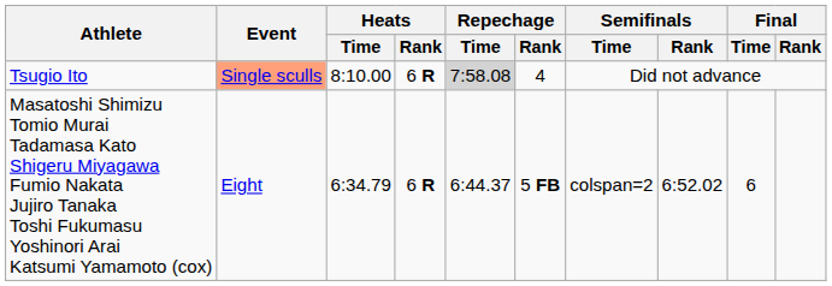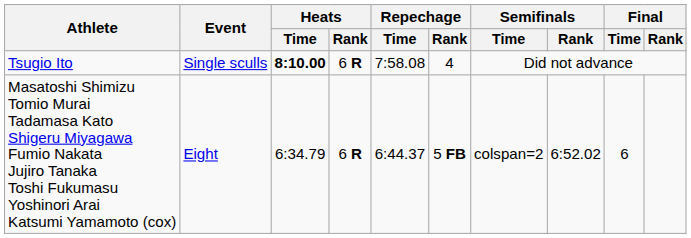 <table class="wikitable" style="font-size:90%">
 <tr>
 <th rowspan="2">Athlete</th>
 <th rowspan="2">Event</th>
 <th colspan="2">Heats</th>
 <th colspan="2">Repechage</th>
 <th colspan="2">Semifinals</th>
 <th colspan="2">Final</th>
 </tr>
 <tr style="font-size:95%">
 <th>Time</th>
 <th>Rank</th>
 <th>Time</th>
 <th>Rank</th>
 <th>Time</th>
 <th>Rank</th>
 <th>Time</th>
 <th>Rank</th>
 </tr>
 <tr align=center>
 <td align=left><a href='#'>Tsugio Ito</a></td>
-<td align=left style="background: lightsalmon;"><a href='#'>Single sculls</a></td>
-<td>8:10.00</td>
+<td align=left><a href='#'>Single sculls</a></td>
+<td><strong>8:10.00</strong></td>
 <td>6 <strong>R</strong></td>
-<td style="background: lightgrey;">7:58.08</td>
+<td>7:58.08</td>
 <td>4</td>
 <td colspan=4>Did not advance</td>
 </tr>
 <tr align=center>
 <td align=left>Masatoshi Shimizu<br>Tomio Murai<br>Tadamasa Kato<br><a href='#'>Shigeru Miyagawa</a><br>Fumio Nakata<br>Jujiro Tanaka<br>Toshi Fukumasu<br>Yoshinori Arai<br>Katsumi Yamamoto (cox)</td>
 <td align=left><a href='#'>Eight</a></td>
 <td>6:34.79</td>
 <td>6 <strong>R</strong></td>
 <td>6:44.37</td>
 <td>5 <strong>FB</strong></td>
 <td>colspan=2 </td>
 <td>6:52.02</td>
 <td>6</td>
 </tr>
 </table>
